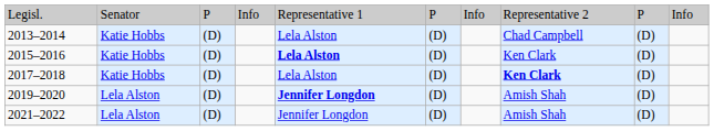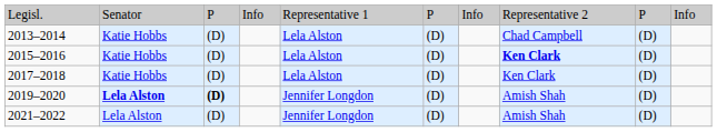 <table class=wikitable width="100%" border="1">
 <tr style="background-color:#cccccc;">
 <td>Legisl.</td>
 <td>Senator</td>
 <td>P</td>
 <td>Info</td>
 <td>Representative 1</td>
 <td>P</td>
 <td>Info</td>
 <td>Representative 2</td>
 <td>P</td>
 <td>Info</td>
 </tr>
 <tr>
 <td>2013–2014</td>
 <td style="background:#DDEEFF"><a href='#'>Katie Hobbs</a></td>
 <td style="background:#DDEEFF">(D)</td>
 <td></td>
 <td style="background:#DDEEFF"><a href='#'>Lela Alston</a></td>
 <td style="background:#DDEEFF">(D)</td>
 <td></td>
 <td style="background:#DDEEFF"><a href='#'>Chad Campbell</a></td>
 <td style="background:#DDEEFF">(D)</td>
 <td></td>
 </tr>
 <tr>
 <td>2015–2016</td>
 <td style="background:#DDEEFF"><a href='#'>Katie Hobbs</a></td>
 <td style="background:#DDEEFF">(D)</td>
 <td></td>
-<td style="background:#DDEEFF"><strong><a href='#'>Lela Alston</a></strong></td>
+<td style="background:#DDEEFF"><a href='#'>Lela Alston</a></td>
 <td style="background:#DDEEFF">(D)</td>
 <td></td>
-<td style="background:#DDEEFF"><a href='#'>Ken Clark</a></td>
+<td style="background:#DDEEFF"><strong><a href='#'>Ken Clark</a></strong></td>
 <td style="background:#DDEEFF">(D)</td>
 <td></td>
 </tr>
 <tr>
 <td>2017–2018</td>
 <td style="background:#DDEEFF"><a href='#'>Katie Hobbs</a></td>
 <td style="background:#DDEEFF">(D)</td>
 <td></td>
 <td style="background:#DDEEFF"><a href='#'>Lela Alston</a></td>
 <td style="background:#DDEEFF">(D)</td>
 <td></td>
-<td style="background:#DDEEFF"><strong><a href='#'>Ken Clark</a></strong></td>
+<td style="background:#DDEEFF"><a href='#'>Ken Clark</a></td>
 <td style="background:#DDEEFF">(D)</td>
 <td></td>
 </tr>
 <tr>
 <td>2019–2020</td>
-<td style="background:#DDEEFF"><a href='#'>Lela Alston</a></td>
-<td style="background:#DDEEFF">(D)</td>
+<td style="background:#DDEEFF"><strong><a href='#'>Lela Alston</a></strong></td>
+<td style="background:#DDEEFF"><strong>(D)</strong></td>
 <td></td>
-<td style="background:#DDEEFF"><strong><a href='#'>Jennifer Longdon</a></strong></td>
+<td style="background:#DDEEFF"><a href='#'>Jennifer Longdon</a></td>
 <td style="background:#DDEEFF">(D)</td>
 <td></td>
 <td style="background:#DDEEFF"><a href='#'>Amish Shah</a></td>
 <td style="background:#DDEEFF">(D)</td>
 <td></td>
 </tr>
 <tr>
 <td>2021–2022</td>
 <td style="background:#DDEEFF"><a href='#'>Lela Alston</a></td>
 <td style="background:#DDEEFF">(D)</td>
 <td></td>
 <td style="background:#DDEEFF"><a href='#'>Jennifer Longdon</a></td>
 <td style="background:#DDEEFF">(D)</td>
 <td></td>
 <td style="background:#DDEEFF"><a href='#'>Amish Shah</a></td>
 <td style="background:#DDEEFF">(D)</td>
 <td></td>
 </tr>
 </table>
